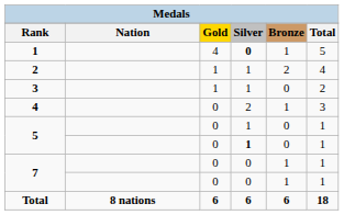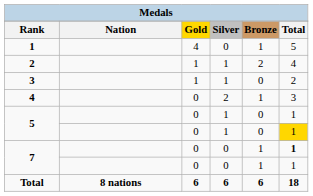 <table class="wikitable" style="text-align:center">
 <tr>
 <td colspan="6" style="background:#BCD4E6"><strong>Medals</strong></td>
 </tr>
 <tr>
 </tr>
 <tr style="background-color:#EDEDED;">
 <th width="75px" class="hintergrundfarbe5">Rank</th>
 <th width="175px" class="hintergrundfarbe6">Nation</th>
 <th style="background:    gold; width:35px ">Gold</th>
 <th style="background:  silver; width:35px ">Silver</th>
 <th style="background: #CC9966; width:35px ">Bronze</th>
 <th width="35px">Total</th>
 </tr>
 <tr>
 <td><strong>1</strong></td>
 <td align=left></td>
 <td>4</td>
-<td><strong>0</strong></td>
+<td>0</td>
 <td>1</td>
 <td>5</td>
 </tr>
 <tr>
 <td><strong>2</strong></td>
 <td align=left></td>
 <td>1</td>
 <td>1</td>
 <td>2</td>
 <td>4</td>
 </tr>
 <tr>
 <td><strong>3</strong></td>
 <td align=left></td>
 <td>1</td>
 <td>1</td>
 <td>0</td>
 <td>2</td>
 </tr>
 <tr>
 <td><strong>4</strong></td>
 <td align=left></td>
 <td>0</td>
 <td>2</td>
 <td>1</td>
 <td>3</td>
 </tr>
 <tr>
 <td rowspan=2><strong>5</strong></td>
 <td align=left></td>
 <td>0</td>
 <td>1</td>
 <td>0</td>
 <td>1</td>
 </tr>
 <tr>
 <td align=left></td>
 <td>0</td>
-<td><strong>1</strong></td>
+<td>1</td>
 <td>0</td>
-<td>1</td>
+<td style="background: gold;">1</td>
 </tr>
 <tr>
 <td rowspan=2><strong>7</strong></td>
 <td align=left><em></em></td>
 <td>0</td>
 <td>0</td>
 <td>1</td>
-<td>1</td>
+<td><strong>1</strong></td>
 </tr>
 <tr>
 <td align=left><em> </em></td>
 <td>0</td>
 <td>0</td>
 <td>1</td>
 <td>1</td>
 </tr>
 <tr>
 <td><strong>Total</strong></td>
 <td><strong>8 nations</strong></td>
 <td><strong>6</strong></td>
 <td><strong>6</strong></td>
 <td><strong>6</strong></td>
 <td><strong>18</strong></td>
 </tr>
 </table>
